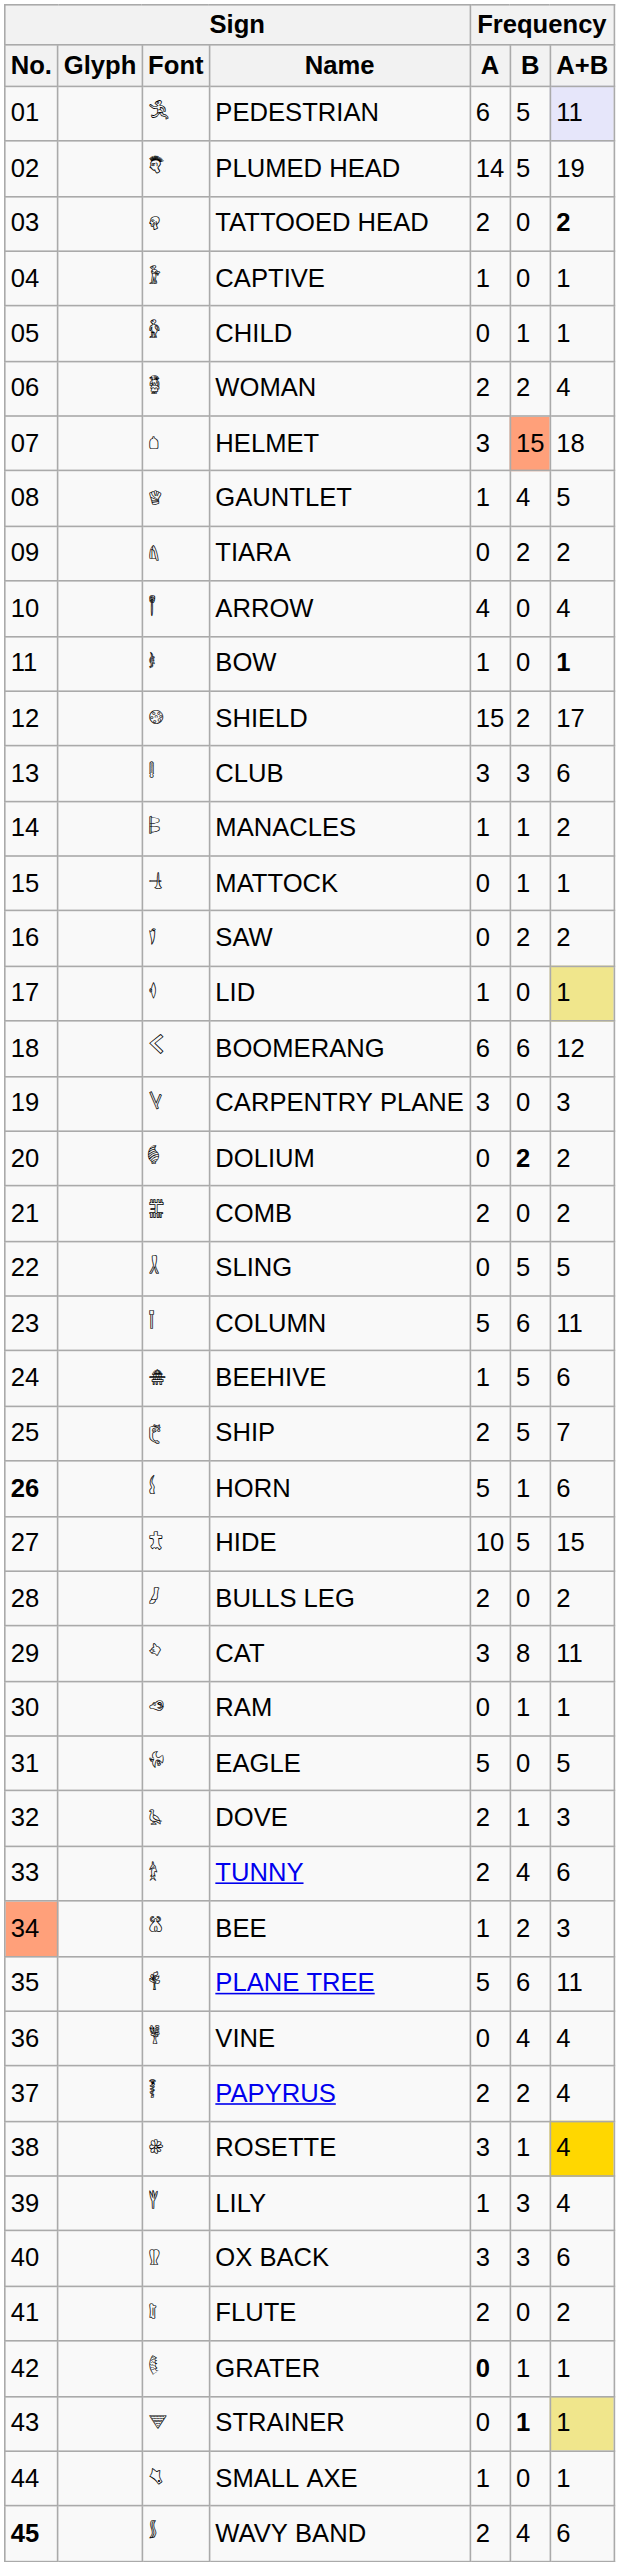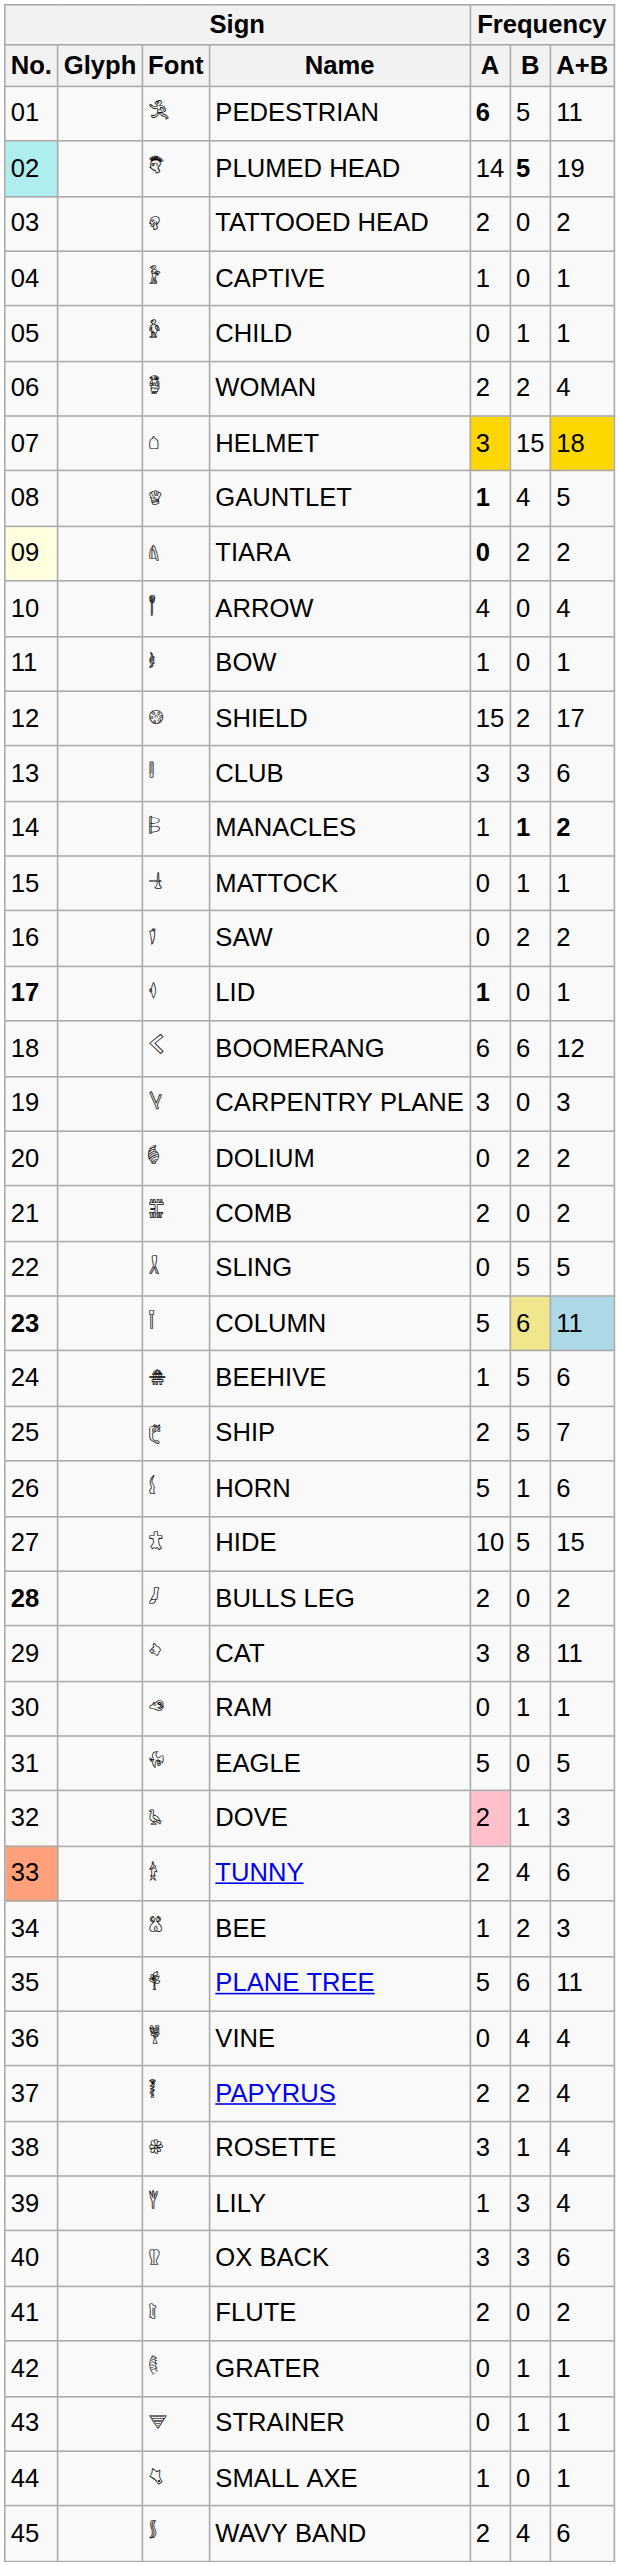 <table class="wikitable sortable">
 <tr>
 <th colspan="4">Sign</th>
 <th colspan="3">Frequency</th>
 </tr>
 <tr>
 <th>No.</th>
 <th class="unsortable">Glyph</th>
 <th class="unsortable">Font</th>
 <th class="unsortable">Name</th>
 <th>A</th>
 <th>B</th>
 <th>A+B</th>
 </tr>
 <tr>
 <td>01</td>
 <td></td>
 <td><div>𐇐</div></td>
 <td>PEDESTRIAN</td>
-<td>6</td>
+<td><strong>6</strong></td>
 <td>5</td>
-<td style="background: lavender;">11</td>
+<td>11</td>
 </tr>
 <tr>
-<td>02</td>
+<td style="background: paleturquoise;">02</td>
 <td></td>
 <td><div>𐇑</div></td>
 <td>PLUMED HEAD</td>
 <td>14</td>
-<td>5</td>
+<td><strong>5</strong></td>
 <td>19</td>
 </tr>
 <tr>
 <td>03</td>
 <td></td>
 <td><div>𐇒</div></td>
 <td>TATTOOED HEAD</td>
 <td>2</td>
 <td>0</td>
-<td><strong>2</strong></td>
+<td>2</td>
 </tr>
 <tr>
 <td>04</td>
 <td></td>
 <td><div>𐇓</div></td>
 <td>CAPTIVE</td>
 <td>1</td>
 <td>0</td>
 <td>1</td>
 </tr>
 <tr>
 <td>05</td>
 <td></td>
 <td><div>𐇔</div></td>
 <td>CHILD</td>
 <td>0</td>
 <td>1</td>
 <td>1</td>
 </tr>
 <tr>
 <td>06</td>
 <td></td>
 <td><div>𐇕</div></td>
 <td>WOMAN</td>
 <td>2</td>
 <td>2</td>
 <td>4</td>
 </tr>
 <tr>
 <td>07</td>
 <td></td>
 <td><div>𐇖</div></td>
 <td>HELMET</td>
-<td>3</td>
-<td style="background: lightsalmon;">15</td>
-<td>18</td>
+<td style="background: gold;">3</td>
+<td>15</td>
+<td style="background: gold;">18</td>
 </tr>
 <tr>
 <td>08</td>
 <td></td>
 <td><div>𐇗</div></td>
 <td>GAUNTLET</td>
-<td>1</td>
+<td><strong>1</strong></td>
 <td>4</td>
 <td>5</td>
 </tr>
 <tr>
-<td>09</td>
+<td style="background: lightyellow;">09</td>
 <td></td>
 <td><div>𐇘</div></td>
 <td>TIARA</td>
-<td>0</td>
+<td><strong>0</strong></td>
 <td>2</td>
 <td>2</td>
 </tr>
 <tr>
 <td>10</td>
 <td></td>
 <td><div>𐇙</div></td>
 <td>ARROW</td>
 <td>4</td>
 <td>0</td>
 <td>4</td>
 </tr>
 <tr>
 <td>11</td>
 <td></td>
 <td><div>𐇚</div></td>
 <td>BOW</td>
 <td>1</td>
 <td>0</td>
-<td><strong>1</strong></td>
+<td>1</td>
 </tr>
 <tr>
 <td>12</td>
 <td></td>
 <td><div>𐇛</div></td>
 <td>SHIELD</td>
 <td>15</td>
 <td>2</td>
 <td>17</td>
 </tr>
 <tr>
 <td>13</td>
 <td></td>
 <td><div>𐇜</div></td>
 <td>CLUB</td>
 <td>3</td>
 <td>3</td>
 <td>6</td>
 </tr>
 <tr>
 <td>14</td>
 <td></td>
 <td><div>𐇝</div></td>
 <td>MANACLES</td>
 <td>1</td>
-<td>1</td>
-<td>2</td>
+<td><strong>1</strong></td>
+<td><strong>2</strong></td>
 </tr>
 <tr>
 <td>15</td>
 <td></td>
 <td><div>𐇞</div></td>
 <td>MATTOCK</td>
 <td>0</td>
 <td>1</td>
 <td>1</td>
 </tr>
 <tr>
 <td>16</td>
 <td></td>
 <td><div>𐇟</div></td>
 <td>SAW</td>
 <td>0</td>
 <td>2</td>
 <td>2</td>
 </tr>
 <tr>
-<td>17</td>
+<td><strong>17</strong></td>
 <td></td>
 <td><div>𐇠</div></td>
 <td>LID</td>
+<td><strong>1</strong></td>
+<td>0</td>
 <td>1</td>
-<td>0</td>
-<td style="background: khaki;">1</td>
 </tr>
 <tr>
 <td>18</td>
 <td></td>
 <td><div>𐇡</div></td>
 <td>BOOMERANG</td>
 <td>6</td>
 <td>6</td>
 <td>12</td>
 </tr>
 <tr>
 <td>19</td>
 <td></td>
 <td><div>𐇢</div></td>
 <td>CARPENTRY PLANE</td>
 <td>3</td>
 <td>0</td>
 <td>3</td>
 </tr>
 <tr>
 <td>20</td>
 <td></td>
 <td><div>𐇣</div></td>
 <td>DOLIUM</td>
 <td>0</td>
-<td><strong>2</strong></td>
+<td>2</td>
 <td>2</td>
 </tr>
 <tr>
 <td>21</td>
 <td></td>
 <td><div>𐇤</div></td>
 <td>COMB</td>
 <td>2</td>
 <td>0</td>
 <td>2</td>
 </tr>
 <tr>
 <td>22</td>
 <td></td>
 <td><div>𐇥</div></td>
 <td>SLING</td>
 <td>0</td>
 <td>5</td>
 <td>5</td>
 </tr>
 <tr>
-<td>23</td>
+<td><strong>23</strong></td>
 <td></td>
 <td><div>𐇦</div></td>
 <td>COLUMN</td>
 <td>5</td>
-<td>6</td>
-<td>11</td>
+<td style="background: khaki;">6</td>
+<td style="background: lightblue;">11</td>
 </tr>
 <tr>
 <td>24</td>
 <td></td>
 <td><div>𐇧</div></td>
 <td>BEEHIVE</td>
 <td>1</td>
 <td>5</td>
 <td>6</td>
 </tr>
 <tr>
 <td>25</td>
 <td></td>
 <td><div>𐇨</div></td>
 <td>SHIP</td>
 <td>2</td>
 <td>5</td>
 <td>7</td>
 </tr>
 <tr>
-<td><strong>26</strong></td>
+<td>26</td>
 <td></td>
 <td><div>𐇩</div></td>
 <td>HORN</td>
 <td>5</td>
 <td>1</td>
 <td>6</td>
 </tr>
 <tr>
 <td>27</td>
 <td></td>
 <td><div>𐇪</div></td>
 <td>HIDE</td>
 <td>10</td>
 <td>5</td>
 <td>15</td>
 </tr>
 <tr>
-<td>28</td>
+<td><strong>28</strong></td>
 <td></td>
 <td><div>𐇫</div></td>
 <td>BULLS LEG</td>
 <td>2</td>
 <td>0</td>
 <td>2</td>
 </tr>
 <tr>
 <td>29</td>
 <td></td>
 <td><div>𐇬</div></td>
 <td>CAT</td>
 <td>3</td>
 <td>8</td>
 <td>11</td>
 </tr>
 <tr>
 <td>30</td>
 <td></td>
 <td><div>𐇭</div></td>
 <td>RAM</td>
 <td>0</td>
 <td>1</td>
 <td>1</td>
 </tr>
 <tr>
 <td>31</td>
 <td></td>
 <td><div>𐇮</div></td>
 <td>EAGLE</td>
 <td>5</td>
 <td>0</td>
 <td>5</td>
 </tr>
 <tr>
 <td>32</td>
 <td></td>
 <td><div>𐇯</div></td>
 <td>DOVE</td>
-<td>2</td>
+<td style="background: pink;">2</td>
 <td>1</td>
 <td>3</td>
 </tr>
 <tr>
-<td>33</td>
+<td style="background: lightsalmon;">33</td>
 <td></td>
 <td><div>𐇰</div></td>
 <td><a href='#'>TUNNY</a></td>
 <td>2</td>
 <td>4</td>
 <td>6</td>
 </tr>
 <tr>
-<td style="background: lightsalmon;">34</td>
+<td>34</td>
 <td></td>
 <td><div>𐇱</div></td>
 <td>BEE</td>
 <td>1</td>
 <td>2</td>
 <td>3</td>
 </tr>
 <tr>
 <td>35</td>
 <td></td>
 <td><div>𐇲</div></td>
 <td><a href='#'>PLANE TREE</a></td>
 <td>5</td>
 <td>6</td>
 <td>11</td>
 </tr>
 <tr>
 <td>36</td>
 <td></td>
 <td><div>𐇳</div></td>
 <td>VINE</td>
 <td>0</td>
 <td>4</td>
 <td>4</td>
 </tr>
 <tr>
 <td>37</td>
 <td></td>
 <td><div>𐇴</div></td>
 <td><a href='#'>PAPYRUS</a></td>
 <td>2</td>
 <td>2</td>
 <td>4</td>
 </tr>
 <tr>
 <td>38</td>
 <td></td>
 <td><div>𐇵</div></td>
 <td>ROSETTE</td>
 <td>3</td>
 <td>1</td>
-<td style="background: gold;">4</td>
+<td>4</td>
 </tr>
 <tr>
 <td>39</td>
 <td></td>
 <td><div>𐇶</div></td>
 <td>LILY</td>
 <td>1</td>
 <td>3</td>
 <td>4</td>
 </tr>
 <tr>
 <td>40</td>
 <td></td>
 <td><div>𐇷</div></td>
 <td>OX BACK</td>
 <td>3</td>
 <td>3</td>
 <td>6</td>
 </tr>
 <tr>
 <td>41</td>
 <td></td>
 <td><div>𐇸</div></td>
 <td>FLUTE</td>
 <td>2</td>
 <td>0</td>
 <td>2</td>
 </tr>
 <tr>
 <td>42</td>
 <td></td>
 <td><div>𐇹</div></td>
 <td>GRATER</td>
-<td><strong>0</strong></td>
+<td>0</td>
 <td>1</td>
 <td>1</td>
 </tr>
 <tr>
 <td>43</td>
 <td></td>
 <td><div>𐇺</div></td>
 <td>STRAINER</td>
 <td>0</td>
-<td><strong>1</strong></td>
-<td style="background: khaki;">1</td>
+<td>1</td>
+<td>1</td>
 </tr>
 <tr>
 <td>44</td>
 <td></td>
 <td><div>𐇻</div></td>
 <td>SMALL AXE</td>
 <td>1</td>
 <td>0</td>
 <td>1</td>
 </tr>
 <tr>
-<td><strong>45</strong></td>
+<td>45</td>
 <td></td>
 <td><div>𐇼</div></td>
 <td>WAVY BAND</td>
 <td>2</td>
 <td>4</td>
 <td>6</td>
 </tr>
 </table>
